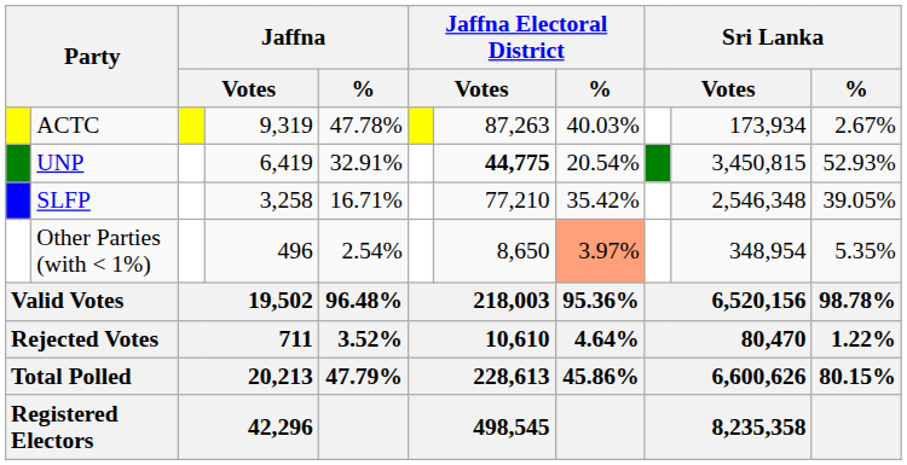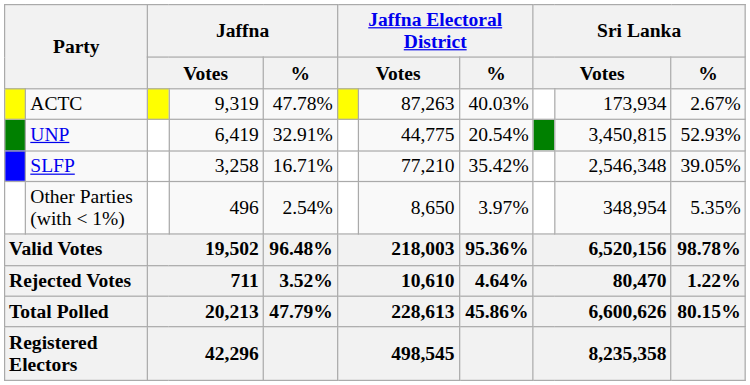 <table class="wikitable">
 <tr>
 <th colspan="2" width="144px"rowspan="2">Party</th>
 <th colspan="3" width="216px">Jaffna</th>
 <th colspan="3" width="216px"><a href='#'>Jaffna Electoral District</a></th>
 <th colspan="3" width="216px">Sri Lanka</th>
 </tr>
 <tr>
 <th colspan="2" width="144px">Votes</th>
 <th>%</th>
 <th colspan="2" width="144px">Votes</th>
 <th>%</th>
 <th colspan="2" width="144px">Votes</th>
 <th>%</th>
 </tr>
 <tr>
 <td style="background-color:yellow;" width="10px"></td>
 <td style="text-align:left;">ACTC</td>
 <td style="background-color:yellow;" width="10px"></td>
 <td style="text-align:right;">9,319</td>
 <td style="text-align:right;">47.78%</td>
 <td style="background-color:yellow;" width="10px"></td>
 <td style="text-align:right;">87,263</td>
 <td style="text-align:right;">40.03%</td>
 <td style="background-color:white;" width="10px"></td>
 <td style="text-align:right;">173,934</td>
 <td style="text-align:right;">2.67%</td>
 </tr>
 <tr>
 <td style="background-color:green;" width="10px"></td>
 <td style="text-align:left;"><a href='#'>UNP</a></td>
 <td style="background-color:white;" width="10px"></td>
 <td style="text-align:right;">6,419</td>
 <td style="text-align:right;">32.91%</td>
 <td style="background-color:white;" width="10px"></td>
-<td style="text-align:right;"><strong>44,775</strong></td>
+<td style="text-align:right;">44,775</td>
 <td style="text-align:right;">20.54%</td>
 <td style="background-color:green;" width="10px"></td>
 <td style="text-align:right;">3,450,815</td>
 <td style="text-align:right;">52.93%</td>
 </tr>
 <tr>
 <td style="background-color:blue;" width="10px"></td>
 <td style="text-align:left;"><a href='#'>SLFP</a></td>
 <td style="background-color:white;" width="10px"></td>
 <td style="text-align:right;">3,258</td>
 <td style="text-align:right;">16.71%</td>
 <td style="background-color:white;" width="10px"></td>
 <td style="text-align:right;">77,210</td>
 <td style="text-align:right;">35.42%</td>
 <td style="background-color:white;" width="10px"></td>
 <td style="text-align:right;">2,546,348</td>
 <td style="text-align:right;">39.05%</td>
 </tr>
 <tr>
 <td style="background-color:white;" width="10px"></td>
 <td style="text-align:left;">Other Parties (with < 1%)</td>
 <td style="background-color:white;" width="10px"></td>
 <td style="text-align:right;">496</td>
 <td style="text-align:right;">2.54%</td>
 <td style="background-color:white;" width="10px"></td>
 <td style="text-align:right;">8,650</td>
-<td style="background: lightsalmon; text-align:right;">3.97%</td>
+<td style="text-align:right;">3.97%</td>
 <td style="background-color:white;" width="10px"></td>
 <td style="text-align:right;">348,954</td>
 <td style="text-align:right;">5.35%</td>
 </tr>
 <tr>
 <th colspan="2" width="144px"style="text-align:left;">Valid Votes</th>
 <th style="text-align:right;"colspan="2" width="144px">19,502</th>
 <th style="text-align:right;">96.48%</th>
 <th style="text-align:right;"colspan="2" width="144px">218,003</th>
 <th style="text-align:right;">95.36%</th>
 <th style="text-align:right;"colspan="2" width="144px">6,520,156</th>
 <th style="text-align:right;">98.78%</th>
 </tr>
 <tr>
 <th colspan="2" width="144px"style="text-align:left;">Rejected Votes</th>
 <th style="text-align:right;"colspan="2" width="144px">711</th>
 <th style="text-align:right;">3.52%</th>
 <th style="text-align:right;"colspan="2" width="144px">10,610</th>
 <th style="text-align:right;">4.64%</th>
 <th style="text-align:right;"colspan="2" width="144px">80,470</th>
 <th style="text-align:right;">1.22%</th>
 </tr>
 <tr>
 <th colspan="2" width="144px"style="text-align:left;">Total Polled</th>
 <th style="text-align:right;"colspan="2" width="144px">20,213</th>
 <th style="text-align:right;">47.79%</th>
 <th style="text-align:right;"colspan="2" width="144px">228,613</th>
 <th style="text-align:right;">45.86%</th>
 <th style="text-align:right;"colspan="2" width="144px">6,600,626</th>
 <th style="text-align:right;">80.15%</th>
 </tr>
 <tr>
 <th colspan="2" width="144px"style="text-align:left;">Registered Electors</th>
 <th style="text-align:right;"colspan="2" width="144px">42,296</th>
 <th></th>
 <th style="text-align:right;"colspan="2" width="144px">498,545</th>
 <th></th>
 <th style="text-align:right;"colspan="2" width="144px">8,235,358</th>
 <th></th>
 </tr>
 </table>
